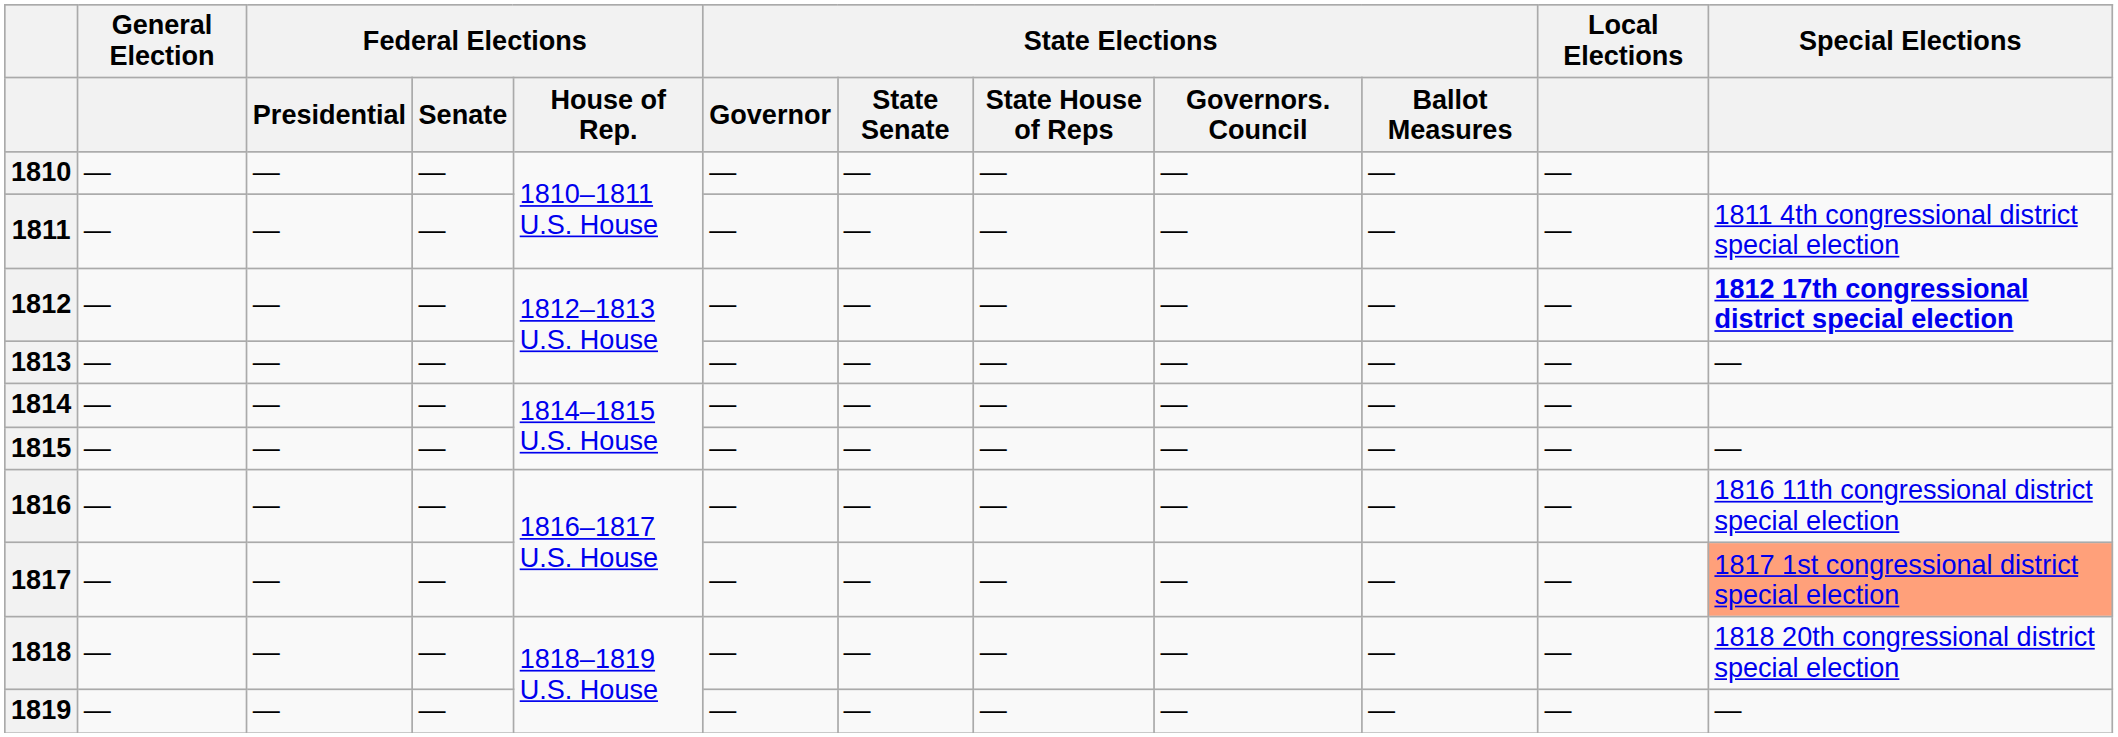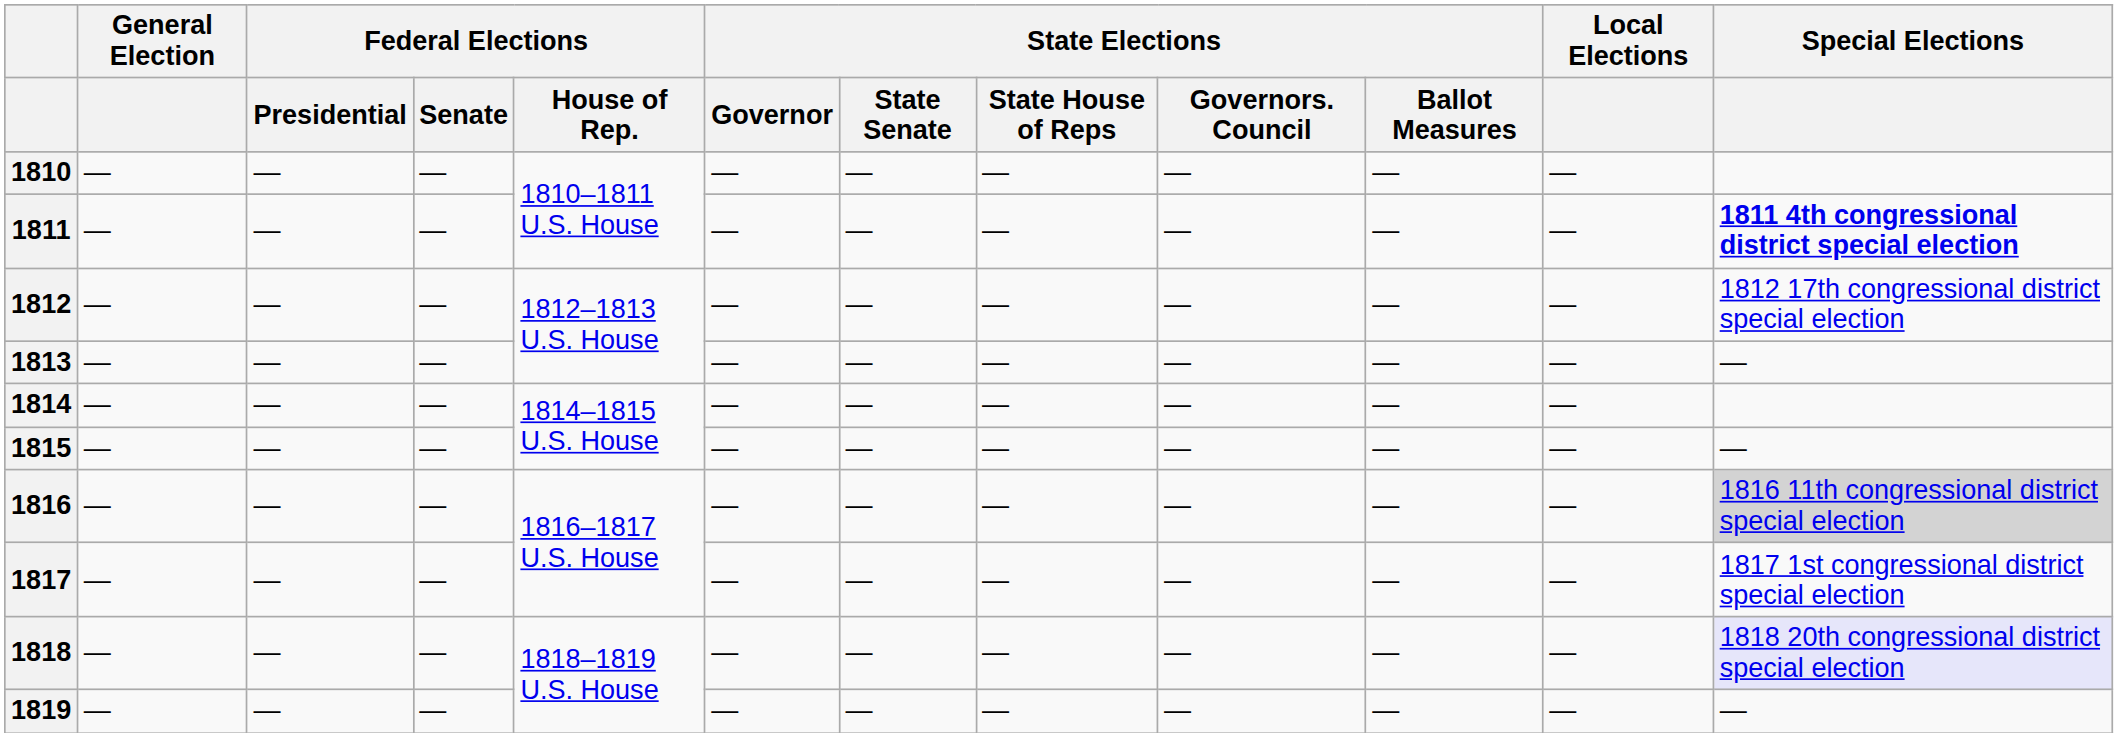 <table class="wikitable">
 <tr>
 <th></th>
 <th>General Election</th>
 <th colspan=3>Federal Elections</th>
 <th colspan=5>State Elections</th>
 <th>Local Elections</th>
 <th>Special Elections</th>
 </tr>
 <tr>
 <th></th>
 <th></th>
 <th>Presidential</th>
 <th>Senate</th>
 <th>House of Rep.</th>
 <th>Governor</th>
 <th>State Senate</th>
 <th>State House of Reps</th>
 <th>Governors. Council</th>
 <th>Ballot Measures</th>
 <th></th>
 <th></th>
 </tr>
 <tr>
 <th>1810</th>
 <td>—</td>
 <td>—</td>
 <td>—</td>
 <td rowspan=2><a href='#'>1810–1811 U.S. House</a></td>
 <td>—</td>
 <td>—</td>
 <td>—</td>
 <td>—</td>
 <td>—</td>
 <td>—</td>
 <td></td>
 </tr>
 <tr>
 <th>1811</th>
 <td>—</td>
 <td>—</td>
 <td>—</td>
 <td>—</td>
 <td>—</td>
 <td>—</td>
 <td>—</td>
 <td>—</td>
 <td>—</td>
-<td><a href='#'>1811 4th congressional district special election</a></td>
+<td><strong><a href='#'>1811 4th congressional district special election</a></strong></td>
 </tr>
 <tr>
 <th>1812</th>
 <td>—</td>
 <td>—</td>
 <td>—</td>
 <td rowspan=2><a href='#'>1812–1813 U.S. House</a></td>
 <td>—</td>
 <td>—</td>
 <td>—</td>
 <td>—</td>
 <td>—</td>
 <td>—</td>
-<td><strong><a href='#'>1812 17th congressional district special election</a></strong></td>
+<td><a href='#'>1812 17th congressional district special election</a></td>
 </tr>
 <tr>
 <th>1813</th>
 <td>—</td>
 <td>—</td>
 <td>—</td>
 <td>—</td>
 <td>—</td>
 <td>—</td>
 <td>—</td>
 <td>—</td>
 <td>—</td>
 <td>—</td>
 </tr>
 <tr>
 <th>1814</th>
 <td>—</td>
 <td>—</td>
 <td>—</td>
 <td rowspan=2><a href='#'>1814–1815 U.S. House</a></td>
 <td>—</td>
 <td>—</td>
 <td>—</td>
 <td>—</td>
 <td>—</td>
 <td>—</td>
 <td></td>
 </tr>
 <tr>
 <th>1815</th>
 <td>—</td>
 <td>—</td>
 <td>—</td>
 <td>—</td>
 <td>—</td>
 <td>—</td>
 <td>—</td>
 <td>—</td>
 <td>—</td>
 <td>—</td>
 </tr>
 <tr>
 <th>1816</th>
 <td>—</td>
 <td>—</td>
 <td>—</td>
 <td rowspan=2><a href='#'>1816–1817 U.S. House</a></td>
 <td>—</td>
 <td>—</td>
 <td>—</td>
 <td>—</td>
 <td>—</td>
 <td>—</td>
-<td><a href='#'>1816 11th congressional district special election</a></td>
+<td style="background: lightgrey;"><a href='#'>1816 11th congressional district special election</a></td>
 </tr>
 <tr>
 <th>1817</th>
 <td>—</td>
 <td>—</td>
 <td>—</td>
 <td>—</td>
 <td>—</td>
 <td>—</td>
 <td>—</td>
 <td>—</td>
 <td>—</td>
-<td style="background: lightsalmon;"><a href='#'>1817 1st congressional district special election</a></td>
+<td><a href='#'>1817 1st congressional district special election</a></td>
 </tr>
 <tr>
 <th>1818</th>
 <td>—</td>
 <td>—</td>
 <td>—</td>
 <td rowspan=2><a href='#'>1818–1819 U.S. House</a></td>
 <td>—</td>
 <td>—</td>
 <td>—</td>
 <td>—</td>
 <td>—</td>
 <td>—</td>
-<td><a href='#'>1818 20th congressional district special election</a></td>
+<td style="background: lavender;"><a href='#'>1818 20th congressional district special election</a></td>
 </tr>
 <tr>
 <th>1819</th>
 <td>—</td>
 <td>—</td>
 <td>—</td>
 <td>—</td>
 <td>—</td>
 <td>—</td>
 <td>—</td>
 <td>—</td>
 <td>—</td>
 <td>—</td>
 </tr>
 </table>
